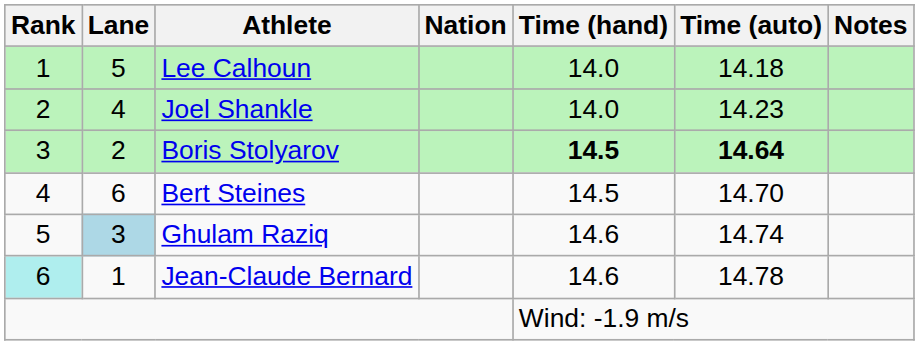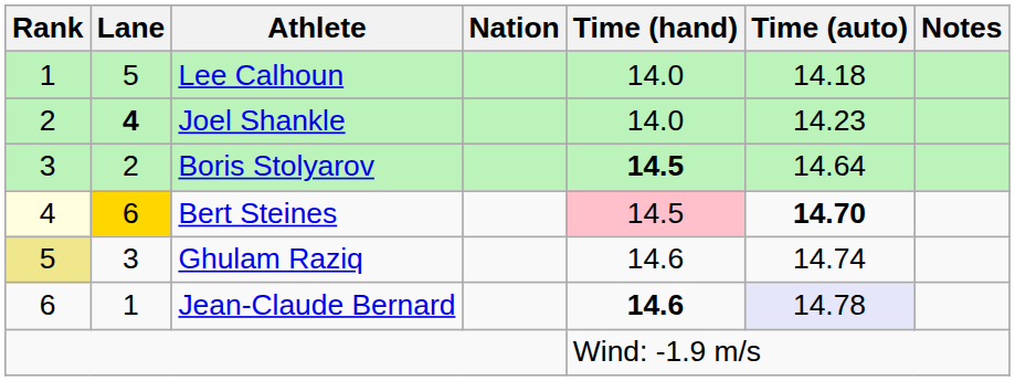 <table class="wikitable sortable" style="text-align:center">
 <tr>
 <th>Rank</th>
 <th>Lane</th>
 <th>Athlete</th>
 <th>Nation</th>
 <th>Time (hand)</th>
 <th>Time (auto)</th>
 <th>Notes</th>
 </tr>
 <tr bgcolor=bbf3bb>
 <td>1</td>
 <td>5</td>
 <td align=left><a href='#'>Lee Calhoun</a></td>
 <td align=left></td>
 <td>14.0</td>
 <td>14.18</td>
 <td></td>
 </tr>
 <tr bgcolor=bbf3bb>
 <td>2</td>
-<td>4</td>
+<td><strong>4</strong></td>
 <td align=left><a href='#'>Joel Shankle</a></td>
 <td align=left></td>
 <td>14.0</td>
 <td>14.23</td>
 <td></td>
 </tr>
 <tr bgcolor=bbf3bb>
 <td>3</td>
 <td>2</td>
 <td align=left><a href='#'>Boris Stolyarov</a></td>
 <td align=left></td>
 <td><strong>14.5</strong></td>
-<td><strong>14.64</strong></td>
+<td>14.64</td>
 <td></td>
 </tr>
 <tr>
-<td>4</td>
-<td>6</td>
+<td style="background: lightyellow;">4</td>
+<td style="background: gold;">6</td>
 <td align=left><a href='#'>Bert Steines</a></td>
 <td align=left></td>
-<td>14.5</td>
-<td>14.70</td>
+<td style="background: pink;">14.5</td>
+<td><strong>14.70</strong></td>
 <td></td>
 </tr>
 <tr>
-<td>5</td>
-<td style="background: lightblue;">3</td>
+<td style="background: khaki;">5</td>
+<td>3</td>
 <td align=left><a href='#'>Ghulam Raziq</a></td>
 <td align=left></td>
 <td>14.6</td>
 <td>14.74</td>
 <td></td>
 </tr>
 <tr>
-<td style="background: paleturquoise;">6</td>
+<td>6</td>
 <td>1</td>
 <td align=left><a href='#'>Jean-Claude Bernard</a></td>
 <td align=left></td>
-<td>14.6</td>
-<td>14.78</td>
+<td><strong>14.6</strong></td>
+<td style="background: lavender;">14.78</td>
 <td></td>
 </tr>
 <tr class="sortbottom">
 <td colspan=4></td>
 <td colspan="3" style="text-align:left;">Wind: -1.9 m/s</td>
 </tr>
 </table>
